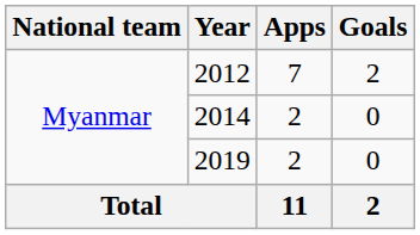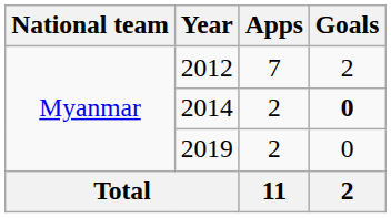 <table class=wikitable style=text-align:center>
 <tr>
 <th>National team</th>
 <th>Year</th>
 <th>Apps</th>
 <th>Goals</th>
 </tr>
 <tr>
 <td rowspan=3><a href='#'>Myanmar</a></td>
 <td>2012</td>
 <td>7</td>
 <td>2</td>
 </tr>
 <tr>
 <td>2014</td>
 <td>2</td>
-<td>0</td>
+<td><strong>0</strong></td>
 </tr>
 <tr>
 <td>2019</td>
 <td>2</td>
 <td>0</td>
 </tr>
 <tr>
 <th colspan=2>Total</th>
 <th>11</th>
 <th>2</th>
 </tr>
 </table>
